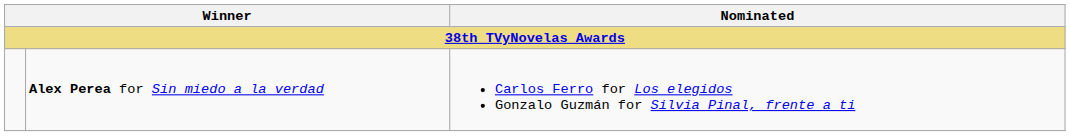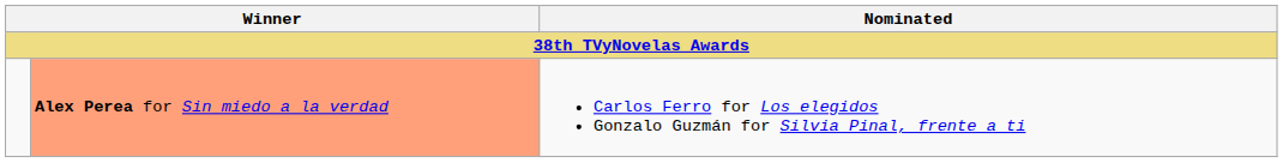 <table class="wikitable" width=80%>
 <tr align=center>
 <th width="150px;" colspan=2; align="center">Winner</th>
 <th width="580px;" align="center">Nominated</th>
 </tr>
 <tr>
 <th colspan=9 style="background:#EEDD82;"  align="center"><strong><a href='#'>38th TVyNovelas Awards</a></strong></th>
 </tr>
 <tr>
 <td width=2%></td>
-<td><strong>Alex Perea</strong> for <em><a href='#'>Sin miedo a la verdad</a></em></td>
+<td style="background: lightsalmon;"><strong>Alex Perea</strong> for <em><a href='#'>Sin miedo a la verdad</a></em></td>
 <td><br><ul><li><a href='#'>Carlos Ferro</a> for <em><a href='#'>Los elegidos</a></em></li><li>Gonzalo Guzmán for <em><a href='#'>Silvia Pinal, frente a ti</a></em></li></ul></td>
 </tr>
 <tr>
 </tr>
 </table>
